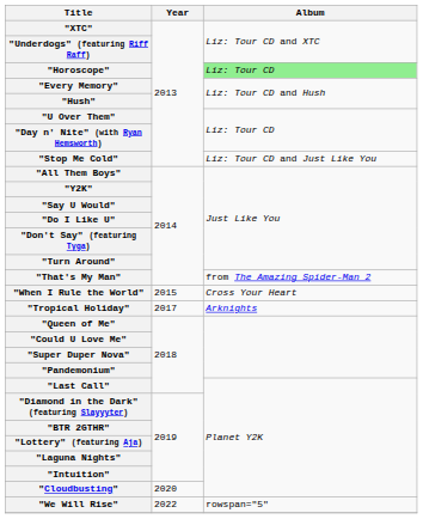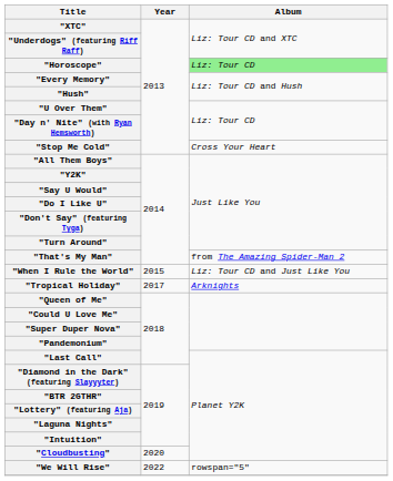 <table class="wikitable plainrowheaders" style="text-align:Left;">
 <tr>
 <th scope="col" style="width:15em;">Title</th>
 <th scope="col" style="width:5em;">Year</th>
 <th scope="col" style="width:22em;">Album</th>
 </tr>
 <tr>
 <th scope="row">"XTC"</th>
 <td rowspan="8">2013</td>
 <td rowspan="2"><em>Liz: Tour CD</em> and <em>XTC</em></td>
 </tr>
 <tr>
 <th scope="row">"Underdogs" <small>(featuring <a href='#'>Riff Raff</a>)</small></th>
 </tr>
 <tr>
 <th scope="row">"Horoscope"</th>
 <td style="background: lightgreen;"><em>Liz: Tour CD</em></td>
 </tr>
 <tr>
 <th scope="row">"Every Memory"</th>
 <td rowspan="2"><em>Liz: Tour CD</em> and <em>Hush</em></td>
 </tr>
 <tr>
 <th scope="row">"Hush"</th>
 </tr>
 <tr>
 <th scope="row">"U Over Them"</th>
 <td rowspan="2"><em>Liz: Tour CD</em></td>
 </tr>
 <tr>
 <th scope="row">"Day n' Nite" <small>(with <a href='#'>Ryan Hemsworth</a>)</small></th>
 </tr>
 <tr>
 <th scope="row">"Stop Me Cold"</th>
-<td><em>Liz: Tour CD</em> and <em>Just Like You</em></td>
+<td><em>Cross Your Heart</em></td>
 </tr>
 <tr>
 <th scope="row">"All Them Boys"</th>
 <td rowspan="7">2014</td>
 <td rowspan="6"><em>Just Like You</em></td>
 </tr>
 <tr>
 <th scope="row">"Y2K"</th>
 </tr>
 <tr>
 <th scope="row">"Say U Would"</th>
 </tr>
 <tr>
 <th scope="row">"Do I Like U"</th>
 </tr>
 <tr>
 <th scope="row">"Don't Say" <small>(featuring <a href='#'>Tyga</a>)</small></th>
 </tr>
 <tr>
 <th scope="row">"Turn Around"</th>
 </tr>
 <tr>
 <th scope="row">"That's My Man"</th>
 <td> from <em><a href='#'>The Amazing Spider-Man 2</a></em></td>
 </tr>
 <tr>
 <th scope="row">"When I Rule the World"</th>
 <td>2015</td>
-<td><em>Cross Your Heart</em></td>
+<td><em>Liz: Tour CD</em> and <em>Just Like You</em></td>
 </tr>
 <tr>
 <th scope="row">"Tropical Holiday"</th>
 <td>2017</td>
 <td><em><a href='#'>Arknights</a></em></td>
 </tr>
 <tr>
 <th scope="row">"Queen of Me"</th>
 <td rowspan="5">2018</td>
 </tr>
 <tr>
 <th scope="row">"Could U Love Me"</th>
 </tr>
 <tr>
 <th scope="row">"Super Duper Nova"</th>
 </tr>
 <tr>
 <th scope="row">"Pandemonium"</th>
 </tr>
 <tr>
 <th scope="row">"Last Call"</th>
 <td rowspan="7"><em>Planet Y2K</em></td>
 </tr>
 <tr>
 <th scope="row">"Diamond in the Dark" <small>(featuring <a href='#'>Slayyyter</a>)</small></th>
 <td rowspan="5">2019</td>
 </tr>
 <tr>
 <th scope="row">"BTR 2GTHR"</th>
 </tr>
 <tr>
 <th scope="row">"Lottery" <small>(featuring <a href='#'>Aja</a>)</small></th>
 </tr>
 <tr>
 <th scope="row">"Laguna Nights"</th>
 </tr>
 <tr>
 <th scope="row">"Intuition"</th>
 </tr>
 <tr>
 <th scope="row">"<a href='#'>Cloudbusting</a>"</th>
 <td>2020</td>
 </tr>
 <tr>
 <th scope="row">"We Will Rise"</th>
 <td>2022</td>
 <td>rowspan="5" </td>
 </tr>
 <tr>
 </tr>
 </table>
